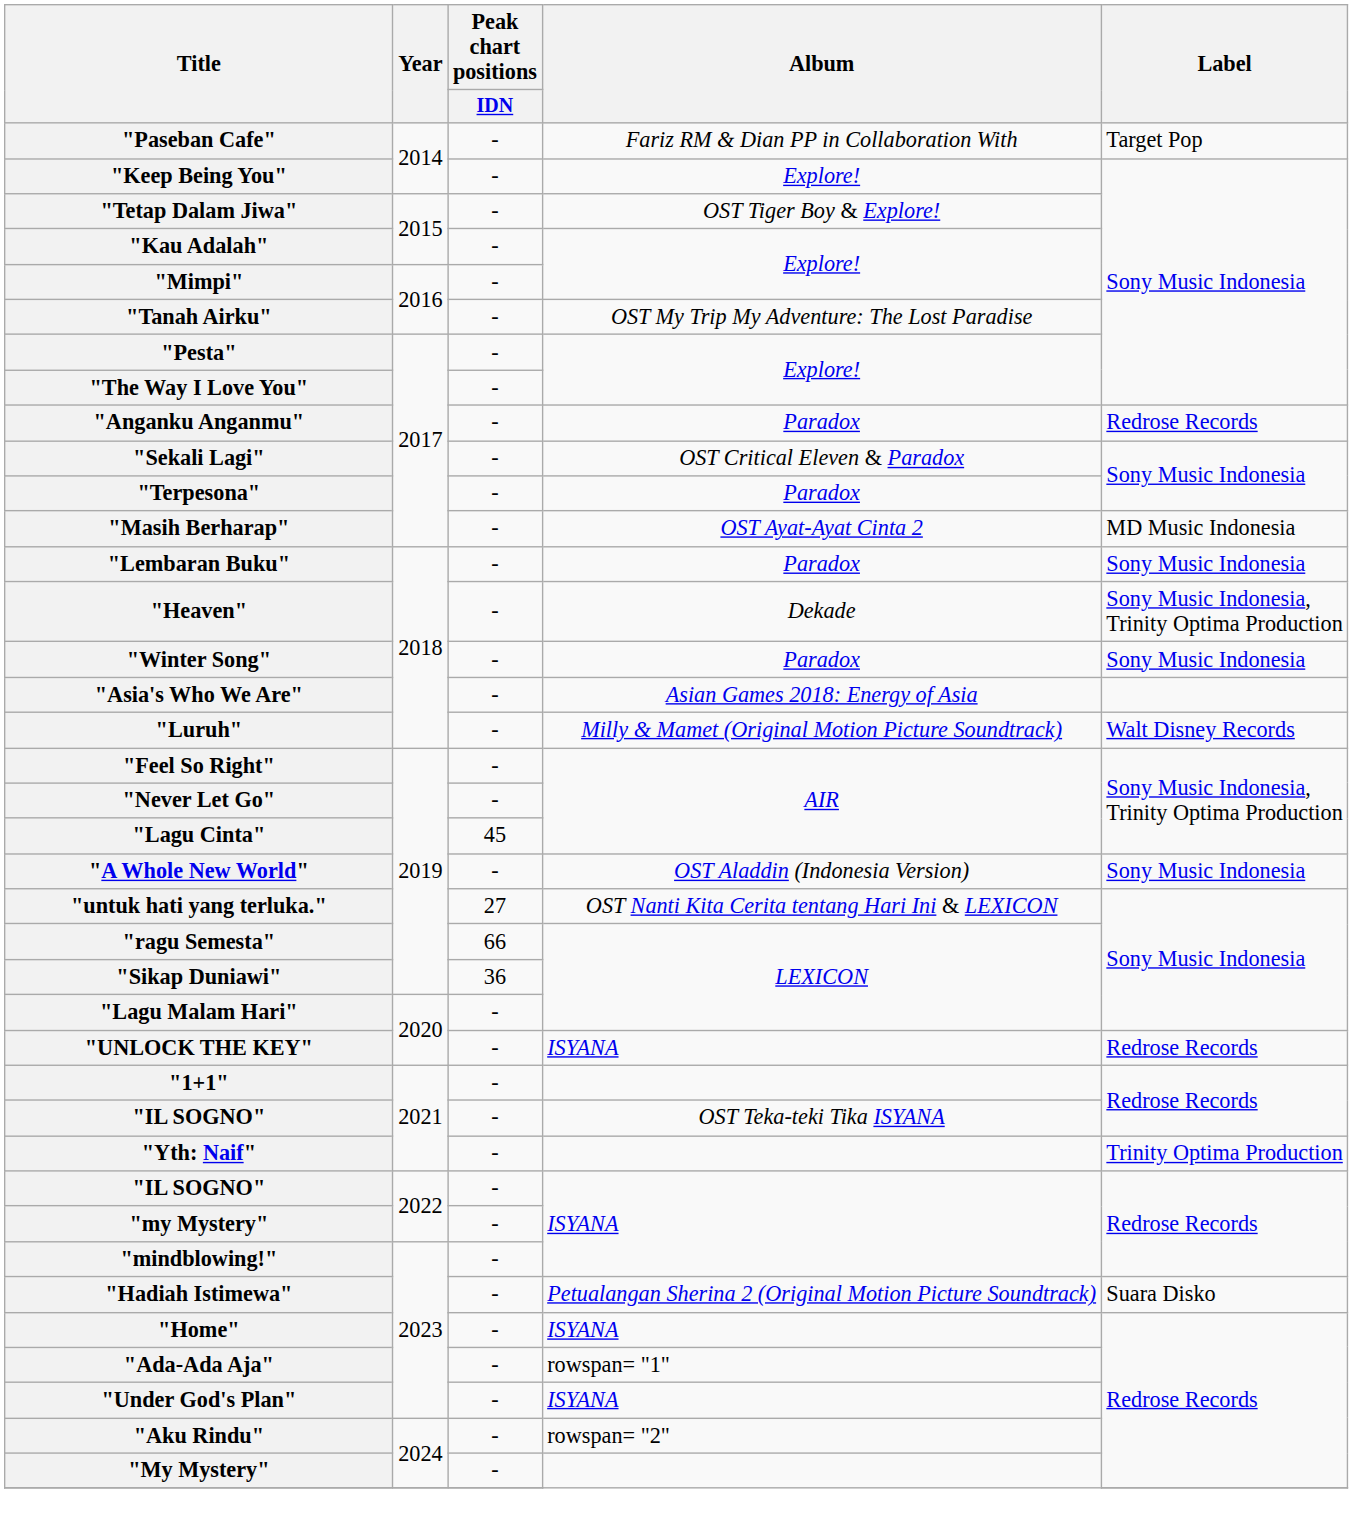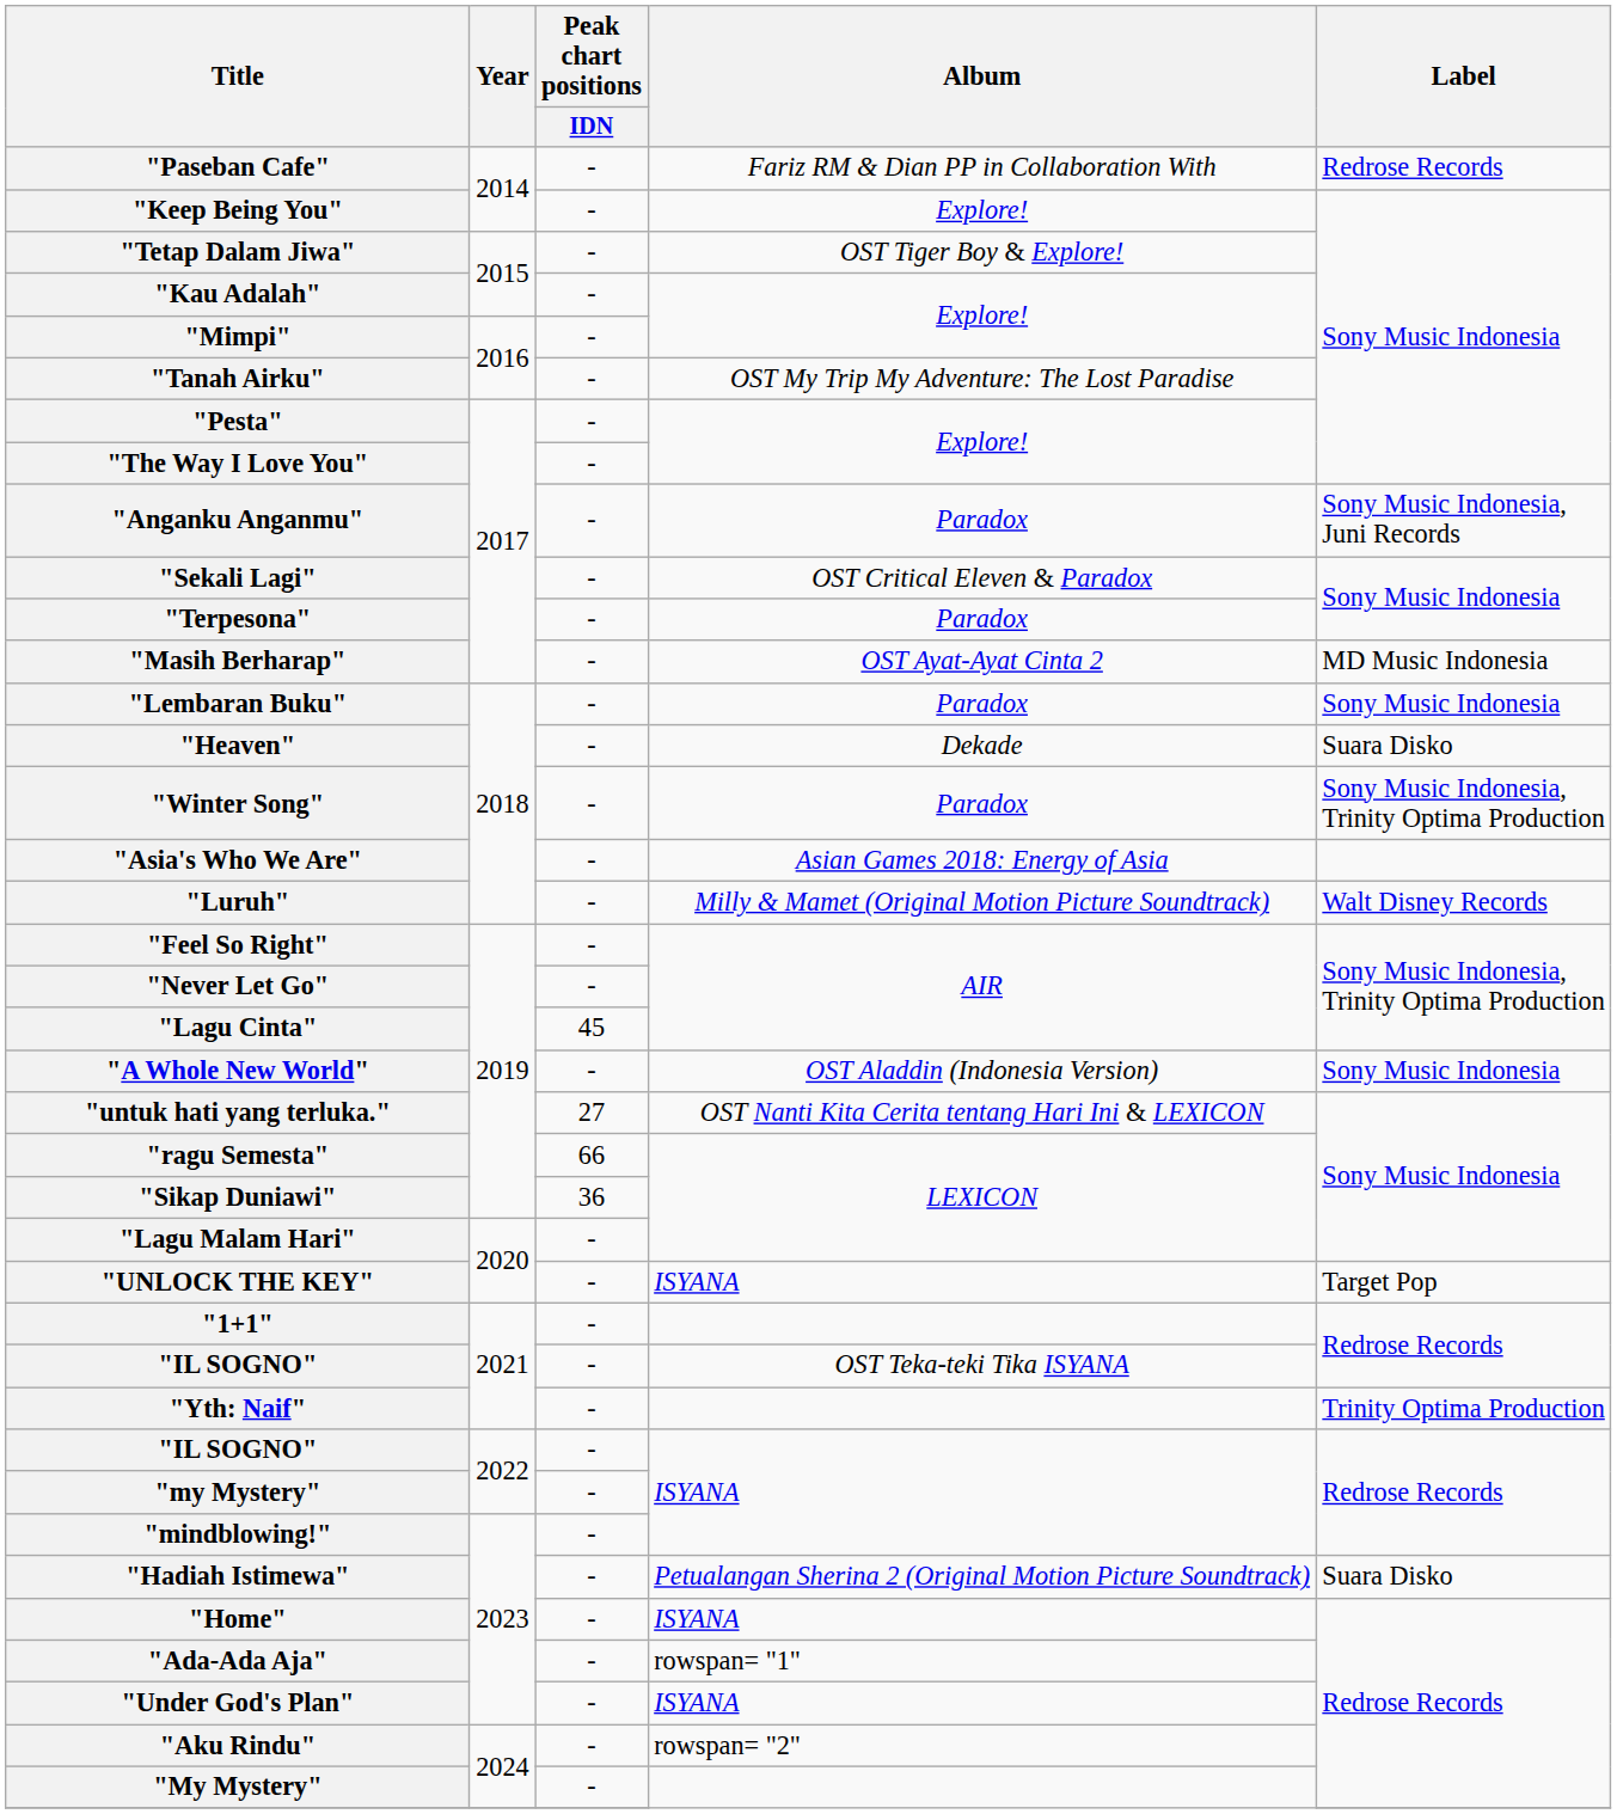 <table class="wikitable plainrowheaders">
 <tr>
 <th scope="col" rowspan="2" style="width:17em;">Title</th>
 <th scope="col" rowspan="2" style="width:1em;">Year</th>
 <th scope="col" colspan="1">Peak chart positions</th>
 <th scope="col" rowspan="2">Album</th>
 <th scope="col" rowspan="2">Label</th>
 </tr>
 <tr>
 <th scope="col" style="width:3em;font-size:90%;"><a href='#'>IDN</a><br></th>
 </tr>
 <tr>
 <th scope="row">"Paseban Cafe"</th>
 <td rowspan= "2">2014</td>
 <td align="center">-</td>
 <td align="center"><em>Fariz RM & Dian PP in Collaboration With</em></td>
-<td>Target Pop</td>
+<td rowspan= "1"><a href='#'>Redrose Records</a></td>
 </tr>
 <tr>
 <th scope="row">"Keep Being You"</th>
 <td align="center">-</td>
 <td align="center" rowspan= "1"><em><a href='#'>Explore!</a></em></td>
 <td rowspan= "7"><a href='#'>Sony Music Indonesia</a></td>
 </tr>
 <tr>
 <th scope="row">"Tetap Dalam Jiwa"</th>
 <td rowspan= "2">2015</td>
 <td align="center">-</td>
 <td align="center" rowspan= "1"><em>OST Tiger Boy</em> & <em><a href='#'>Explore!</a></em></td>
 </tr>
 <tr>
 <th scope="row">"Kau Adalah"<br></th>
 <td align="center">-</td>
 <td align="center" rowspan= "2"><em><a href='#'>Explore!</a></em></td>
 </tr>
 <tr>
 <th scope="row">"Mimpi"</th>
 <td rowspan= "2">2016</td>
 <td align="center">-</td>
 </tr>
 <tr>
 <th scope="row">"Tanah Airku"</th>
 <td align="center">-</td>
 <td align="center"><em>OST My Trip My Adventure: The Lost Paradise</em></td>
 </tr>
 <tr>
 <th scope="row">"Pesta"</th>
 <td rowspan= "6">2017</td>
 <td align="center">-</td>
 <td align="center" rowspan= "2"><em><a href='#'>Explore!</a></em></td>
 </tr>
 <tr>
 <th scope="row">"The Way I Love You"</th>
 <td align="center">-</td>
 </tr>
 <tr>
 <th scope="row">"Anganku Anganmu"<br></th>
 <td align="center">-</td>
 <td align="center"><em><a href='#'>Paradox</a></em></td>
-<td rowspan= "1"><a href='#'>Redrose Records</a></td>
+<td><a href='#'>Sony Music Indonesia</a>,<br>Juni Records</td>
 </tr>
 <tr>
 <th scope="row">"Sekali Lagi"</th>
 <td align="center">-</td>
 <td align="center"><em>OST Critical Eleven</em> & <em><a href='#'>Paradox</a></em></td>
 <td rowspan= "2"><a href='#'>Sony Music Indonesia</a></td>
 </tr>
 <tr>
 <th scope="row">"Terpesona" <br></th>
 <td align="center">-</td>
 <td align="center"><em><a href='#'>Paradox</a></em></td>
 </tr>
 <tr>
 <th scope="row">"Masih Berharap"</th>
 <td align="center">-</td>
 <td align="center"><em><a href='#'>OST Ayat-Ayat Cinta 2</a></em></td>
 <td>MD Music Indonesia</td>
 </tr>
 <tr>
 <th scope="row">"Lembaran Buku"</th>
 <td rowspan= "5">2018</td>
 <td align="center">-</td>
 <td align="center"><em><a href='#'>Paradox</a></em></td>
 <td><a href='#'>Sony Music Indonesia</a></td>
 </tr>
 <tr>
 <th scope="row">"Heaven"<br></th>
 <td align="center">-</td>
 <td align="center" rowspan= "1"><em>Dekade</em></td>
-<td><a href='#'>Sony Music Indonesia</a>,<br>Trinity Optima Production</td>
+<td rowspan= "1">Suara Disko</td>
 </tr>
 <tr>
 <th scope="row">"Winter Song"</th>
 <td align="center">-</td>
 <td align="center" rowspan= "1"><em><a href='#'>Paradox</a></em></td>
-<td><a href='#'>Sony Music Indonesia</a></td>
+<td><a href='#'>Sony Music Indonesia</a>,<br>Trinity Optima Production</td>
 </tr>
 <tr>
 <th scope="row">"Asia's Who We Are"</th>
 <td align="center">-</td>
 <td align="center"><em><a href='#'>Asian Games 2018: Energy of Asia</a></em></td>
 <td></td>
 </tr>
 <tr>
 <th scope="row">"Luruh" <br></th>
 <td align="center">-</td>
 <td align="center"><em><a href='#'>Milly & Mamet (Original Motion Picture Soundtrack)</a></em></td>
 <td><a href='#'>Walt Disney Records</a></td>
 </tr>
 <tr>
 <th scope="row">"Feel So Right"<br></th>
 <td rowspan= "7">2019</td>
 <td align="center">-</td>
 <td align="center" rowspan= "3"><em><a href='#'>AIR</a></em></td>
 <td rowspan= "3"><a href='#'>Sony Music Indonesia</a>,<br>Trinity Optima Production</td>
 </tr>
 <tr>
 <th scope="row">"Never Let Go" <br></th>
 <td align="center">-</td>
 </tr>
 <tr>
 <th scope="row">"Lagu Cinta" <br></th>
 <td align="center">45</td>
 </tr>
 <tr>
 <th scope="row">"<a href='#'>A Whole New World</a>"<br></th>
 <td align="center">-</td>
 <td align="center"><em><a href='#'>OST Aladdin</a> (Indonesia Version)</em></td>
 <td><a href='#'>Sony Music Indonesia</a></td>
 </tr>
 <tr>
 <th scope="row">"untuk hati yang terluka."</th>
 <td align="center">27</td>
 <td align="center" rowspan="1"><em>OST <a href='#'>Nanti Kita Cerita tentang Hari Ini</a></em> & <em><a href='#'>LEXICON</a></em></td>
 <td rowspan= "4"><a href='#'>Sony Music Indonesia</a></td>
 </tr>
 <tr>
 <th scope="row">"ragu Semesta"</th>
 <td align="center">66</td>
 <td align="center" rowspan="3"><em><a href='#'>LEXICON</a></em></td>
 </tr>
 <tr>
 <th scope="row">"Sikap Duniawi"</th>
 <td align="center">36</td>
 </tr>
 <tr>
 <th scope="row">"Lagu Malam Hari"</th>
 <td rowspan= "2">2020</td>
 <td align="center">-</td>
 </tr>
 <tr>
 <th scope="row">"UNLOCK THE KEY"</th>
 <td align="center">-</td>
 <td><em><a href='#'>ISYANA</a></em></td>
-<td rowspan= "1"><a href='#'>Redrose Records</a></td>
+<td>Target Pop</td>
 </tr>
 <tr>
 <th scope="row">"1+1"<br></th>
 <td rowspan= "3">2021</td>
 <td align="center">-</td>
 <td></td>
 <td rowspan= "2"><a href='#'>Redrose Records</a></td>
 </tr>
 <tr>
 <th scope="row">"IL SOGNO"</th>
 <td align="center">-</td>
 <td align="center"><em>OST Teka-teki Tika</em> <em><a href='#'>ISYANA</a></em></td>
 </tr>
 <tr>
 <th scope="row">"Yth: <a href='#'>Naif</a>"<br></th>
 <td align="center">-</td>
 <td></td>
 <td rowspan= "1"><a href='#'>Trinity Optima Production</a></td>
 </tr>
 <tr>
 <th scope="row">"IL SOGNO" </th>
 <td rowspan="2">2022</td>
 <td align="center">-</td>
 <td rowspan= "3"><em><a href='#'>ISYANA</a></em></td>
 <td rowspan= "3"><a href='#'>Redrose Records</a></td>
 </tr>
 <tr>
 <th scope="row">"my Mystery"</th>
 <td align="center">-</td>
 </tr>
 <tr>
 <th scope="row">"mindblowing!"</th>
 <td rowspan="5">2023</td>
 <td align="center">-</td>
 </tr>
 <tr>
 <th scope="row">"Hadiah Istimewa"</th>
 <td align="center">-</td>
 <td rowspan= "1"><em><a href='#'>Petualangan Sherina 2 (Original Motion Picture Soundtrack)</a></em></td>
 <td rowspan= "1">Suara Disko</td>
 </tr>
 <tr>
 <th scope="row">"Home" </th>
 <td align="center">-</td>
 <td rowspan= "1"><em><a href='#'>ISYANA</a></em></td>
 <td rowspan= "5"><a href='#'>Redrose Records</a></td>
 </tr>
 <tr>
 <th scope="row">"Ada-Ada Aja"</th>
 <td align="center">-</td>
 <td>rowspan= "1" </td>
 </tr>
 <tr>
 <th scope="row">"Under God's Plan"<br></th>
 <td align="center">-</td>
 <td rowspan= "1"><em><a href='#'>ISYANA</a></em></td>
 </tr>
 <tr>
 <th scope="row">"Aku Rindu"</th>
 <td rowspan="2">2024</td>
 <td align="center">-</td>
 <td>rowspan= "2" </td>
 </tr>
 <tr>
 <th scope="row">"My Mystery"<br></th>
 <td align="center">-</td>
 </tr>
 <tr>
 </tr>
 </table>
